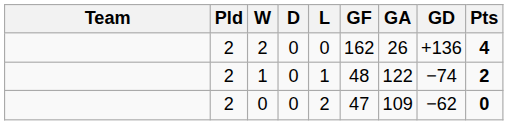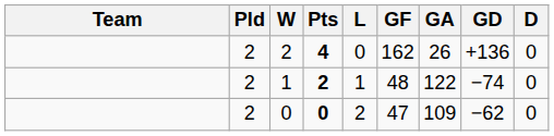 <table class="wikitable" style="text-align:center;">
 <tr>
 <th width=175>Team</th>
 <th width=20 abbr="Played">Pld</th>
 <th width=20 abbr="Won">W</th>
-<th width=20 abbr="Drawn">D</th>
+<th width=20 abbr="Points">Pts</th>
 <th width=20 abbr="Lost">L</th>
 <th width=20 abbr="Goals for">GF</th>
 <th width=20 abbr="Goals against">GA</th>
 <th width=20 abbr="Goal difference">GD</th>
-<th width=20 abbr="Points">Pts</th>
+<th width=20 abbr="Drawn">D</th>
 </tr>
 <tr>
 <td align=left></td>
 <td>2</td>
 <td>2</td>
-<td>0</td>
+<td><strong>4</strong></td>
 <td>0</td>
 <td>162</td>
 <td>26</td>
 <td>+136</td>
-<td><strong>4</strong></td>
+<td>0</td>
 </tr>
 <tr>
 <td align=left></td>
 <td>2</td>
 <td>1</td>
-<td>0</td>
+<td><strong>2</strong></td>
 <td>1</td>
 <td>48</td>
 <td>122</td>
 <td>−74</td>
-<td><strong>2</strong></td>
+<td>0</td>
 </tr>
 <tr>
 <td align=left></td>
 <td>2</td>
 <td>0</td>
-<td>0</td>
+<td><strong>0</strong></td>
 <td>2</td>
 <td>47</td>
 <td>109</td>
 <td>−62</td>
-<td><strong>0</strong></td>
+<td>0</td>
 </tr>
 </table>
